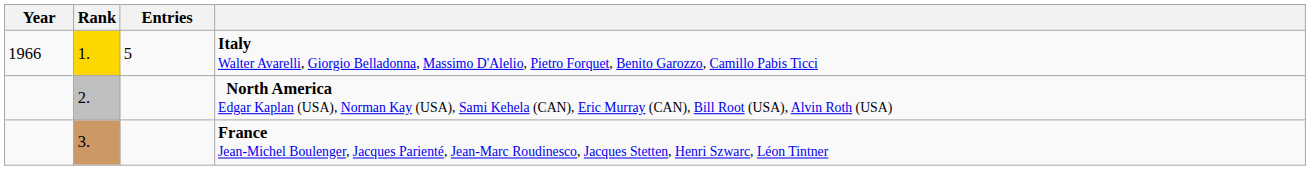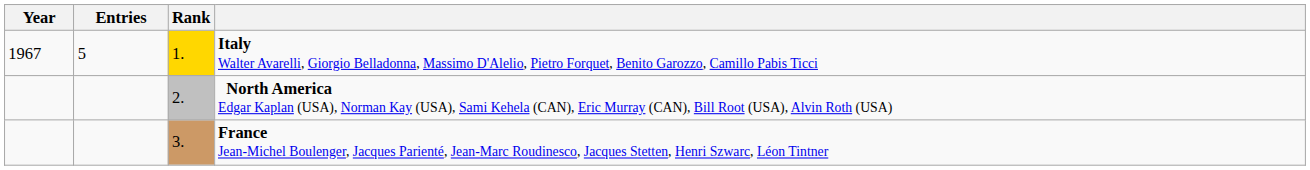 <table class="wikitable" style="width:100%;">
 <tr>
 <th>Year</th>
+<th>Entries</th>
 <th>Rank</th>
-<th>Entries</th>
 <th></th>
 </tr>
 <tr>
-<td width=60>1966</td>
+<td width=60>1967</td>
+<td>5</td>
 <td style="background:gold; width:30px;">1.</td>
-<td>5</td>
 <td> <strong>Italy</strong><br><small><a href='#'>Walter Avarelli</a>, <a href='#'>Giorgio Belladonna</a>, <a href='#'>Massimo D'Alelio</a>, <a href='#'>Pietro Forquet</a>, <a href='#'>Benito Garozzo</a>, <a href='#'>Camillo Pabis Ticci</a></small></td>
 </tr>
 <tr>
 <td></td>
+<td></td>
 <td style="background:silver;">2.</td>
-<td></td>
 <td>  <strong>North America</strong><br><small><a href='#'>Edgar Kaplan</a> (USA), <a href='#'>Norman Kay</a> (USA), <a href='#'>Sami Kehela</a> (CAN), <a href='#'>Eric Murray</a> (CAN), <a href='#'>Bill Root</a> (USA), <a href='#'>Alvin Roth</a> (USA)</small></td>
 </tr>
 <tr>
 <td></td>
+<td></td>
 <td style="background:#c96;">3.</td>
-<td></td>
 <td> <strong>France</strong><br><small><a href='#'>Jean-Michel Boulenger</a>, <a href='#'>Jacques Parienté</a>, <a href='#'>Jean-Marc Roudinesco</a>, <a href='#'>Jacques Stetten</a>, <a href='#'>Henri Szwarc</a>, <a href='#'>Léon Tintner</a></small></td>
 </tr>
 </table>
